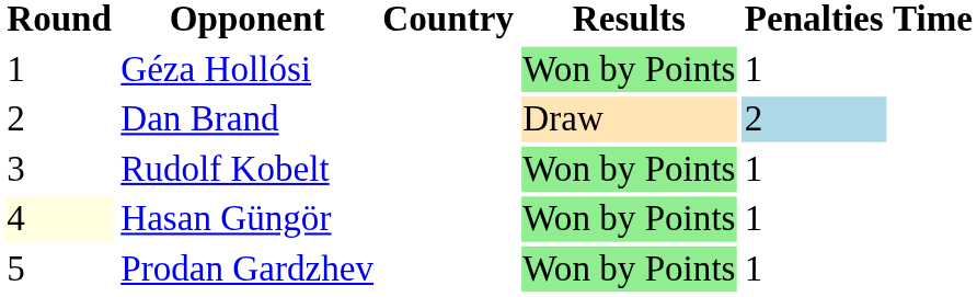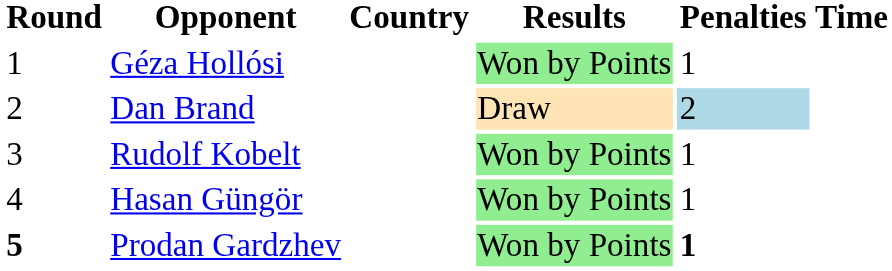 <table class = border="1">
 <tr>
 <th>Round</th>
 <th>Opponent</th>
 <th>Сountry</th>
 <th>Results</th>
 <th>Penalties</th>
 <th>Time</th>
 </tr>
 <tr>
 <td>1</td>
 <td><a href='#'>Géza Hollósi</a></td>
 <td></td>
 <td style="background:#90EE90">Won by Points</td>
 <td>1</td>
 <td></td>
 </tr>
 <tr>
 <td>2</td>
 <td><a href='#'>Dan Brand</a></td>
 <td></td>
 <td style="background:#FFE4B5">Draw</td>
 <td style="background: lightblue;">2</td>
 <td></td>
 </tr>
 <tr>
 <td>3</td>
 <td><a href='#'>Rudolf Kobelt</a></td>
 <td></td>
 <td style="background:#90EE90">Won by Points</td>
 <td>1</td>
 <td></td>
 </tr>
 <tr>
-<td style="background: lightyellow;">4</td>
+<td>4</td>
 <td><a href='#'>Hasan Güngör</a></td>
 <td></td>
 <td style="background:#90EE90">Won by Points</td>
 <td>1</td>
 </tr>
 <tr>
-<td>5</td>
+<td><strong>5</strong></td>
 <td><a href='#'>Prodan Gardzhev</a></td>
 <td></td>
 <td style="background:#90EE90">Won by Points</td>
-<td>1</td>
+<td><strong>1</strong></td>
 <td></td>
 </tr>
 <tr>
 </tr>
 <tr>
 </tr>
 </table>
